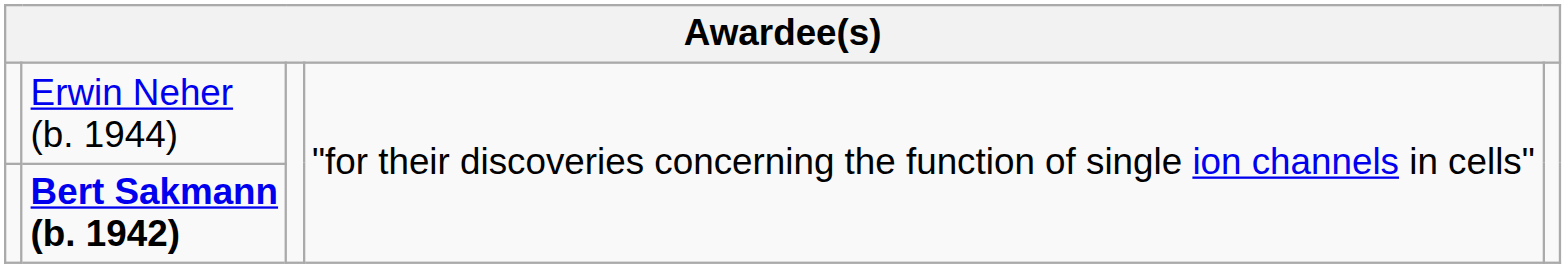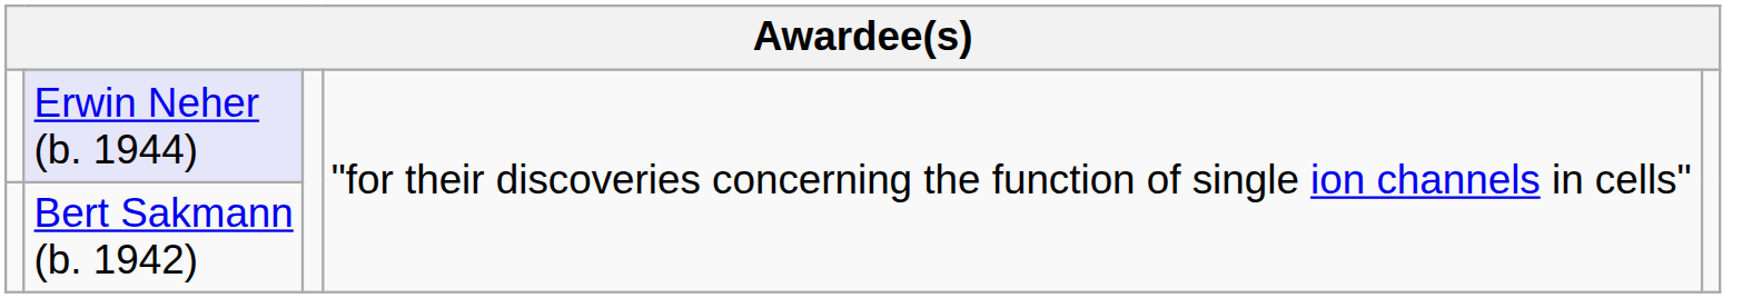 <table class="wikitable">
 <tr>
 <th colspan="5">Awardee(s)</th>
 </tr>
 <tr>
 <td></td>
-<td><a href='#'>Erwin Neher</a><br>(b. 1944)</td>
+<td style="background: lavender;"><a href='#'>Erwin Neher</a><br>(b. 1944)</td>
 <td rowspan="2"></td>
 <td rowspan="2">"for their discoveries concerning the function of single <a href='#'>ion channels</a> in cells"</td>
 <td rowspan="2"></td>
 </tr>
 <tr>
 <td></td>
-<td><strong><a href='#'>Bert Sakmann</a><br>(b. 1942)</strong></td>
+<td><a href='#'>Bert Sakmann</a><br>(b. 1942)</td>
 </tr>
 </table>
